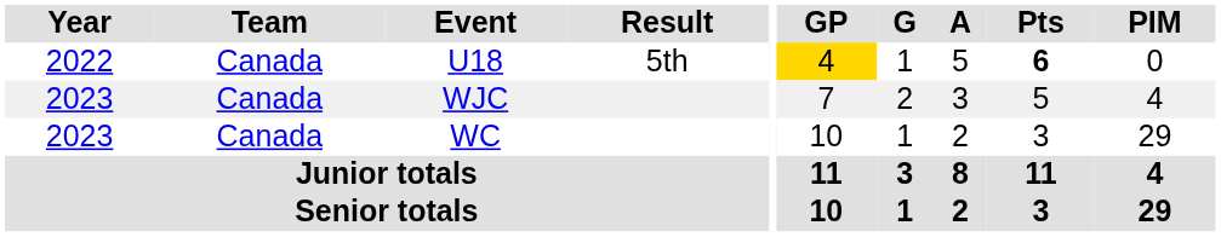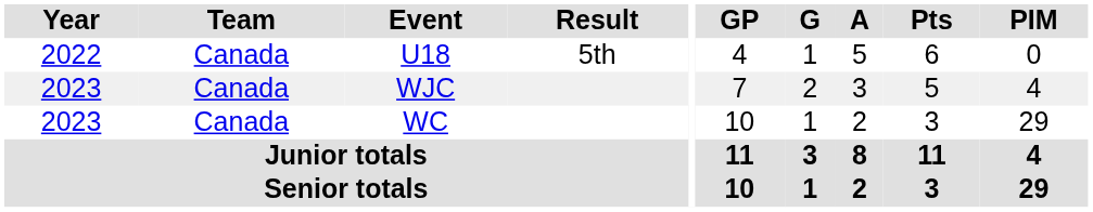 <table border="0" cellpadding="1" cellspacing="0" ID="Table3" style="text-align:center; width:40em">
 <tr bgcolor="#e0e0e0">
 <th>Year</th>
 <th>Team</th>
 <th>Event</th>
 <th>Result</th>
 <th rowspan="99" bgcolor="#ffffff"></th>
 <th>GP</th>
 <th>G</th>
 <th>A</th>
 <th>Pts</th>
 <th>PIM</th>
 </tr>
 <tr>
 <td><a href='#'>2022</a></td>
 <td><a href='#'>Canada</a></td>
 <td><a href='#'>U18</a></td>
 <td>5th</td>
-<td style="background: gold;">4</td>
+<td>4</td>
 <td>1</td>
 <td>5</td>
-<td><strong>6</strong></td>
+<td>6</td>
 <td>0</td>
 </tr>
 <tr bgcolor="#f0f0f0">
 <td><a href='#'>2023</a></td>
 <td><a href='#'>Canada</a></td>
 <td><a href='#'>WJC</a></td>
 <td></td>
 <td>7</td>
 <td>2</td>
 <td>3</td>
 <td>5</td>
 <td>4</td>
 </tr>
 <tr ALIGN="center">
 <td><a href='#'>2023</a></td>
 <td><a href='#'>Canada</a></td>
 <td><a href='#'>WC</a></td>
 <td></td>
 <td>10</td>
 <td>1</td>
 <td>2</td>
 <td>3</td>
 <td>29</td>
 </tr>
 <tr bgcolor="#e0e0e0">
 <th colspan="4">Junior totals</th>
 <th>11</th>
 <th>3</th>
 <th>8</th>
 <th>11</th>
 <th>4</th>
 </tr>
 <tr bgcolor="#e0e0e0">
 <th colspan="4">Senior totals</th>
 <th>10</th>
 <th>1</th>
 <th>2</th>
 <th>3</th>
 <th>29</th>
 </tr>
 </table>
